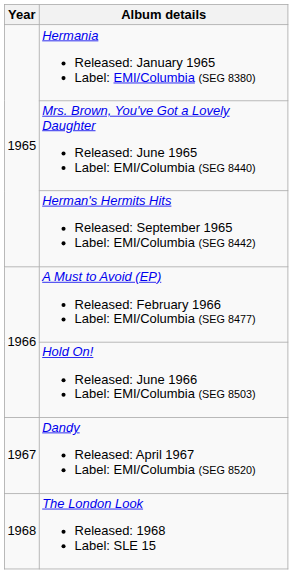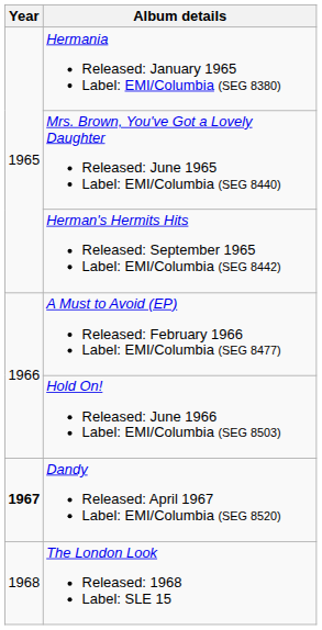 <table class="wikitable">
 <tr>
 <th>Year</th>
 <th width="300">Album details</th>
 </tr>
 <tr>
 <td rowspan="3">1965</td>
 <td><em><a href='#'>Hermania</a></em><br><ul><li>Released: January 1965</li><li>Label: <a href='#'>EMI/Columbia</a> <small>(SEG 8380)</small></li></ul></td>
 </tr>
 <tr>
 <td><em><a href='#'>Mrs. Brown, You've Got a Lovely Daughter</a></em><br><ul><li>Released: June 1965</li><li>Label: EMI/Columbia <small>(SEG 8440)</small></li></ul></td>
 </tr>
 <tr>
 <td><em><a href='#'>Herman's Hermits Hits</a></em><br><ul><li>Released: September 1965</li><li>Label: EMI/Columbia <small>(SEG 8442)</small></li></ul></td>
 </tr>
 <tr>
 <td rowspan="2">1966</td>
 <td><em><a href='#'>A Must to Avoid (EP)</a></em><br><ul><li>Released: February 1966</li><li>Label: EMI/Columbia <small>(SEG 8477)</small></li></ul></td>
 </tr>
 <tr>
 <td><em><a href='#'>Hold On!</a></em><br><ul><li>Released: June 1966</li><li>Label: EMI/Columbia <small>(SEG 8503)</small></li></ul></td>
 </tr>
 <tr>
-<td>1967</td>
+<td><strong>1967</strong></td>
 <td><em><a href='#'>Dandy</a></em><br><ul><li>Released: April 1967</li><li>Label: EMI/Columbia <small>(SEG 8520)</small></li></ul></td>
 </tr>
 <tr>
 <td>1968</td>
 <td><em><a href='#'>The London Look</a></em><br><ul><li>Released: 1968</li><li>Label: SLE 15</li></ul></td>
 </tr>
 </table>
